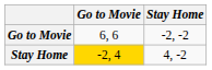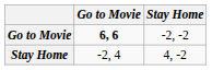 <table class="wikitable" style="text-align:center;">
 <tr>
 <th></th>
 <th><em>Go to Movie</em></th>
 <th><em>Stay Home</em></th>
 </tr>
 <tr>
 <th><em>Go to Movie</em></th>
-<td>6, 6</td>
+<td><strong>6, 6</strong></td>
 <td>-2, -2</td>
 </tr>
 <tr>
 <th><em>Stay Home</em></th>
-<td style="background: gold;">-2, 4</td>
+<td>-2, 4</td>
 <td>4, -2</td>
 </tr>
 </table>
